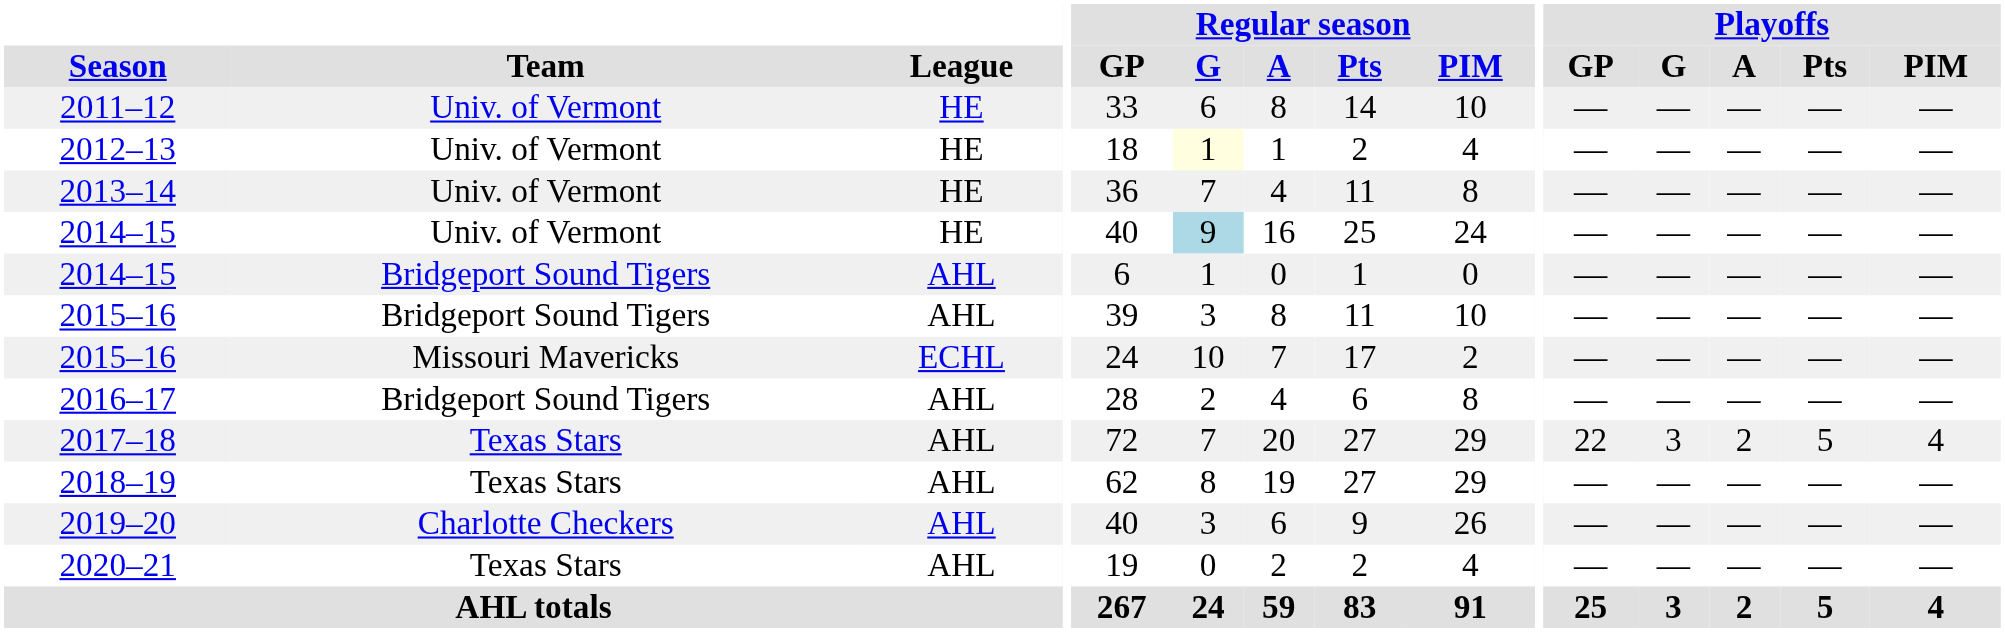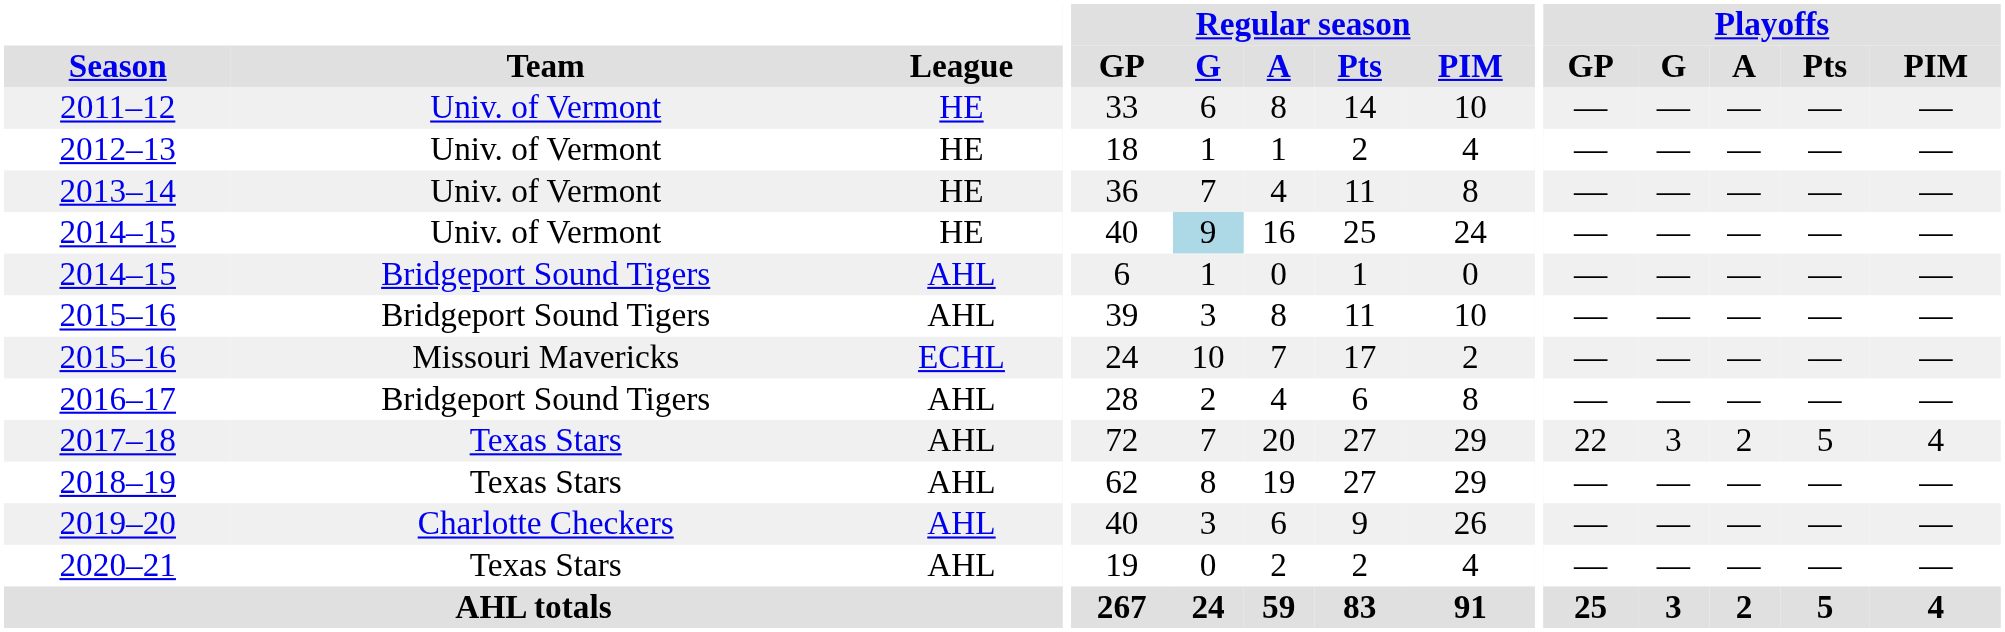 <table border="0" cellpadding="1" cellspacing="0" style="text-align:center; width:60em">
 <tr bgcolor="#e0e0e0">
 <th colspan="3" bgcolor="#ffffff"></th>
 <th rowspan="100" bgcolor="#ffffff"></th>
 <th colspan="5"><a href='#'>Regular season</a></th>
 <th rowspan="100" bgcolor="#ffffff"></th>
 <th colspan="5"><a href='#'>Playoffs</a></th>
 </tr>
 <tr bgcolor="#e0e0e0">
 <th><a href='#'>Season</a></th>
 <th>Team</th>
 <th>League</th>
 <th>GP</th>
 <th><a href='#'>G</a></th>
 <th><a href='#'>A</a></th>
 <th><a href='#'>Pts</a></th>
 <th><a href='#'>PIM</a></th>
 <th>GP</th>
 <th>G</th>
 <th>A</th>
 <th>Pts</th>
 <th>PIM</th>
 </tr>
 <tr>
 </tr>
 <tr bgcolor="#f0f0f0">
 <td><a href='#'>2011–12</a></td>
 <td><a href='#'>Univ. of Vermont</a></td>
 <td><a href='#'>HE</a></td>
 <td>33</td>
 <td>6</td>
 <td>8</td>
 <td>14</td>
 <td>10</td>
 <td>—</td>
 <td>—</td>
 <td>—</td>
 <td>—</td>
 <td>—</td>
 </tr>
 <tr>
 <td><a href='#'>2012–13</a></td>
 <td>Univ. of Vermont</td>
 <td>HE</td>
 <td>18</td>
-<td style="background: lightyellow;">1</td>
+<td>1</td>
 <td>1</td>
 <td>2</td>
 <td>4</td>
 <td>—</td>
 <td>—</td>
 <td>—</td>
 <td>—</td>
 <td>—</td>
 </tr>
 <tr bgcolor="#f0f0f0">
 <td><a href='#'>2013–14</a></td>
 <td>Univ. of Vermont</td>
 <td>HE</td>
 <td>36</td>
 <td>7</td>
 <td>4</td>
 <td>11</td>
 <td>8</td>
 <td>—</td>
 <td>—</td>
 <td>—</td>
 <td>—</td>
 <td>—</td>
 </tr>
 <tr>
 <td><a href='#'>2014–15</a></td>
 <td>Univ. of Vermont</td>
 <td>HE</td>
 <td>40</td>
 <td style="background: lightblue;">9</td>
 <td>16</td>
 <td>25</td>
 <td>24</td>
 <td>—</td>
 <td>—</td>
 <td>—</td>
 <td>—</td>
 <td>—</td>
 </tr>
 <tr bgcolor="#f0f0f0">
 <td><a href='#'>2014–15</a></td>
 <td><a href='#'>Bridgeport Sound Tigers</a></td>
 <td><a href='#'>AHL</a></td>
 <td>6</td>
 <td>1</td>
 <td>0</td>
 <td>1</td>
 <td>0</td>
 <td>—</td>
 <td>—</td>
 <td>—</td>
 <td>—</td>
 <td>—</td>
 </tr>
 <tr>
 <td><a href='#'>2015–16</a></td>
 <td>Bridgeport Sound Tigers</td>
 <td>AHL</td>
 <td>39</td>
 <td>3</td>
 <td>8</td>
 <td>11</td>
 <td>10</td>
 <td>—</td>
 <td>—</td>
 <td>—</td>
 <td>—</td>
 <td>—</td>
 </tr>
 <tr bgcolor="#f0f0f0">
 <td><a href='#'>2015–16</a></td>
 <td>Missouri Mavericks</td>
 <td><a href='#'>ECHL</a></td>
 <td>24</td>
 <td>10</td>
 <td>7</td>
 <td>17</td>
 <td>2</td>
 <td>—</td>
 <td>—</td>
 <td>—</td>
 <td>—</td>
 <td>—</td>
 </tr>
 <tr>
 <td><a href='#'>2016–17</a></td>
 <td>Bridgeport Sound Tigers</td>
 <td>AHL</td>
 <td>28</td>
 <td>2</td>
 <td>4</td>
 <td>6</td>
 <td>8</td>
 <td>—</td>
 <td>—</td>
 <td>—</td>
 <td>—</td>
 <td>—</td>
 </tr>
 <tr bgcolor="#f0f0f0">
 <td><a href='#'>2017–18</a></td>
 <td><a href='#'>Texas Stars</a></td>
 <td>AHL</td>
 <td>72</td>
 <td>7</td>
 <td>20</td>
 <td>27</td>
 <td>29</td>
 <td>22</td>
 <td>3</td>
 <td>2</td>
 <td>5</td>
 <td>4</td>
 </tr>
 <tr>
 <td><a href='#'>2018–19</a></td>
 <td>Texas Stars</td>
 <td>AHL</td>
 <td>62</td>
 <td>8</td>
 <td>19</td>
 <td>27</td>
 <td>29</td>
 <td>—</td>
 <td>—</td>
 <td>—</td>
 <td>—</td>
 <td>—</td>
 </tr>
 <tr bgcolor="#f0f0f0">
 <td><a href='#'>2019–20</a></td>
 <td><a href='#'>Charlotte Checkers</a></td>
 <td><a href='#'>AHL</a></td>
 <td>40</td>
 <td>3</td>
 <td>6</td>
 <td>9</td>
 <td>26</td>
 <td>—</td>
 <td>—</td>
 <td>—</td>
 <td>—</td>
 <td>—</td>
 </tr>
 <tr>
 <td><a href='#'>2020–21</a></td>
 <td>Texas Stars</td>
 <td>AHL</td>
 <td>19</td>
 <td>0</td>
 <td>2</td>
 <td>2</td>
 <td>4</td>
 <td>—</td>
 <td>—</td>
 <td>—</td>
 <td>—</td>
 <td>—</td>
 </tr>
 <tr bgcolor="#e0e0e0">
 <th colspan="3">AHL totals</th>
 <th>267</th>
 <th>24</th>
 <th>59</th>
 <th>83</th>
 <th>91</th>
 <th>25</th>
 <th>3</th>
 <th>2</th>
 <th>5</th>
 <th>4</th>
 </tr>
 </table>
